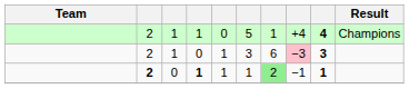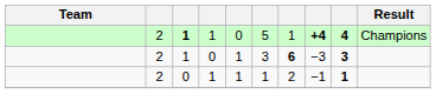 <table class="wikitable" style="text-align:center;">
 <tr>
 <th width=165>Team</th>
 <th width=25></th>
 <th width=25></th>
 <th width=25></th>
 <th width=25></th>
 <th width=25></th>
 <th width=25></th>
 <th width=25></th>
 <th width=25></th>
 <th>Result</th>
 </tr>
 <tr bgcolor="#ccffcc">
 <td style="text-align:left;"></td>
 <td>2</td>
-<td>1</td>
+<td><strong>1</strong></td>
 <td>1</td>
 <td>0</td>
 <td>5</td>
 <td>1</td>
-<td>+4</td>
+<td><strong>+4</strong></td>
 <td><strong>4</strong></td>
 <td>Champions</td>
 </tr>
 <tr>
 <td style="text-align:left;"></td>
 <td>2</td>
 <td>1</td>
 <td>0</td>
 <td>1</td>
 <td>3</td>
-<td>6</td>
-<td style="background: pink;">−3</td>
+<td><strong>6</strong></td>
+<td>−3</td>
 <td><strong>3</strong></td>
 <td></td>
 </tr>
 <tr>
 <td style="text-align:left;"></td>
-<td><strong>2</strong></td>
+<td>2</td>
 <td>0</td>
-<td><strong>1</strong></td>
 <td>1</td>
 <td>1</td>
-<td style="background: lightgreen;">2</td>
+<td>1</td>
+<td>2</td>
 <td>−1</td>
 <td><strong>1</strong></td>
 <td></td>
 </tr>
 <tr>
 </tr>
 </table>
